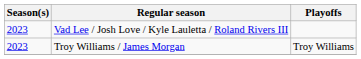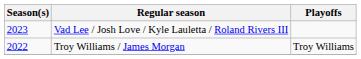 <table class="wikitable">
 <tr>
 <th>Season(s)</th>
 <th>Regular season</th>
 <th>Playoffs</th>
 </tr>
 <tr>
 <td><a href='#'>2023</a></td>
 <td><a href='#'>Vad Lee</a>  / Josh Love  / Kyle Lauletta  / <a href='#'>Roland Rivers III</a> </td>
 <td></td>
 </tr>
 <tr>
-<td><a href='#'>2023</a></td>
+<td><a href='#'>2022</a></td>
 <td>Troy Williams  / <a href='#'>James Morgan</a> </td>
 <td>Troy Williams </td>
 </tr>
 <tr>
 </tr>
 </table>
